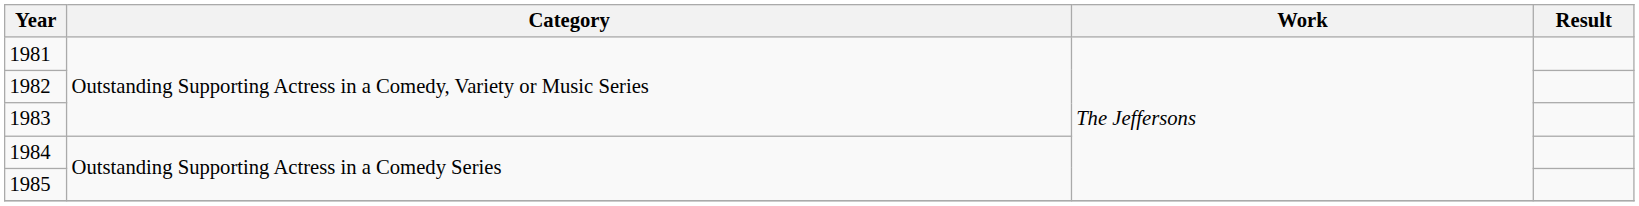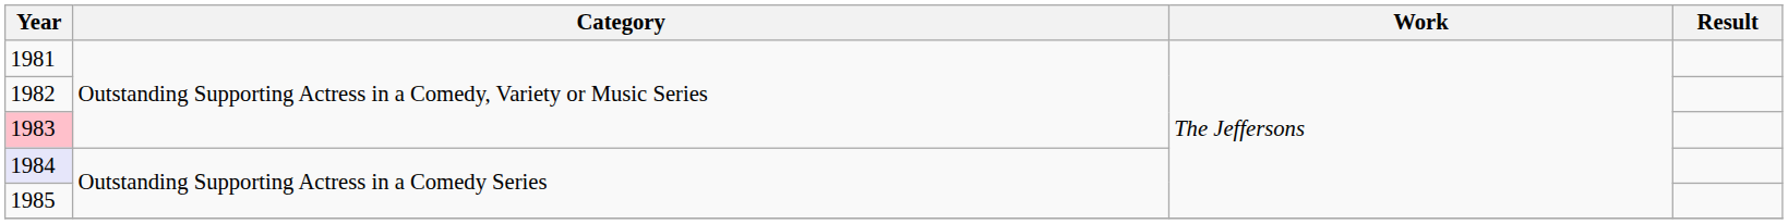 <table class="wikitable" style="width:100%;">
 <tr>
 <th style="width:3%;">Year</th>
 <th style="width:50%;">Category</th>
 <th style="width:23%;">Work</th>
 <th style="width:5%;">Result</th>
 </tr>
 <tr>
 <td>1981</td>
 <td rowspan="3">Outstanding Supporting Actress in a Comedy, Variety or Music Series</td>
 <td rowspan="5"><em>The Jeffersons</em></td>
 <td></td>
 </tr>
 <tr>
 <td>1982</td>
 <td></td>
 </tr>
 <tr>
-<td>1983</td>
+<td style="background: pink;">1983</td>
 <td></td>
 </tr>
 <tr>
-<td>1984</td>
+<td style="background: lavender;">1984</td>
 <td rowspan="2">Outstanding Supporting Actress in a Comedy Series</td>
 <td></td>
 </tr>
 <tr>
 <td>1985</td>
 <td></td>
 </tr>
 <tr>
 </tr>
 </table>
